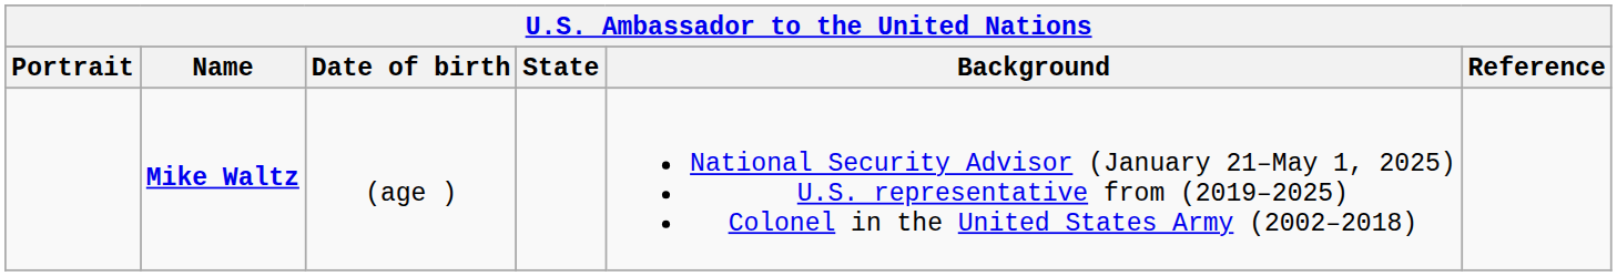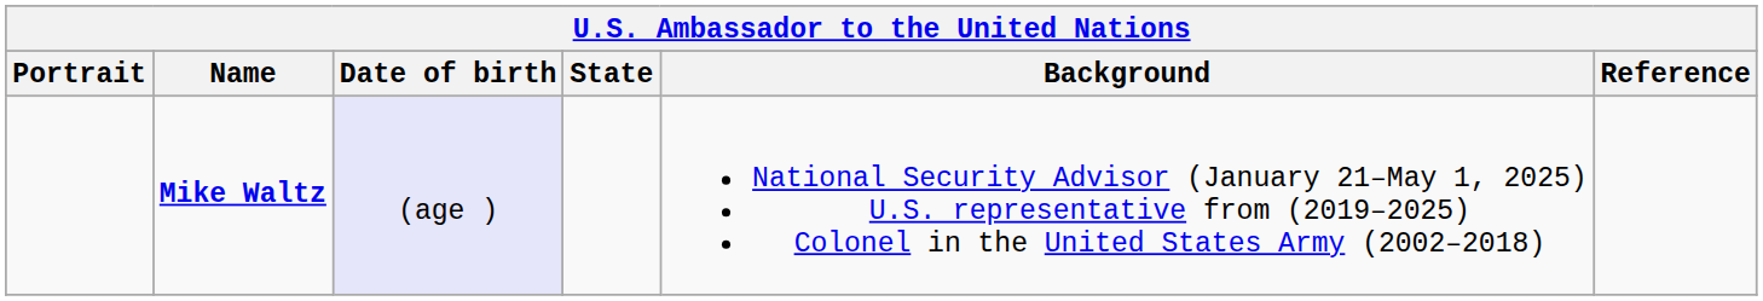 <table class="wikitable collapsible" style="text-align:center;">
 <tr>
 <th colspan="6"><a href='#'>U.S. Ambassador to the United Nations</a></th>
 </tr>
 <tr>
 <th>Portrait</th>
 <th>Name</th>
 <th>Date of birth</th>
 <th>State</th>
 <th>Background</th>
 <th>Reference</th>
 </tr>
 <tr>
 <td></td>
 <td><strong><a href='#'>Mike Waltz</a></strong></td>
-<td><br>(age )</td>
+<td style="background: lavender;"><br>(age )</td>
 <td></td>
 <td><br><ul><li><a href='#'>National Security Advisor</a> (January 21–May 1, 2025)</li><li><a href='#'>U.S. representative</a> from  (2019–2025)</li><li><a href='#'>Colonel</a> in the <a href='#'>United States Army</a> (2002–2018)</li></ul></td>
 <td></td>
 </tr>
 </table>
